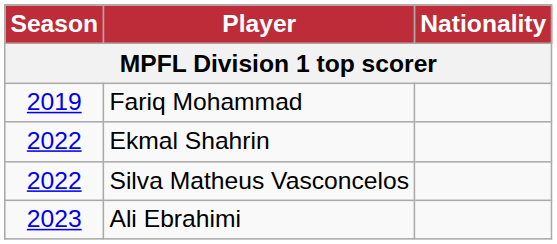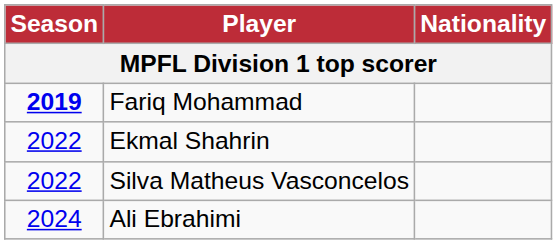 <table class="wikitable">
 <tr>
 <th style="background:#bd2c38; color:white;">Season</th>
 <th style="background:#bd2c38; color:white; ">Player</th>
 <th style="background:#bd2c38; color:white; ">Nationality</th>
 </tr>
 <tr>
 <th colspan="3">MPFL Division 1 top scorer</th>
 </tr>
 <tr>
-<td align="center"><a href='#'>2019</a></td>
+<td align="center"><strong><a href='#'>2019</a></strong></td>
 <td>Fariq Mohammad</td>
 <td></td>
 </tr>
 <tr>
 <td align="center"><a href='#'>2022</a></td>
 <td>Ekmal Shahrin</td>
 <td></td>
 </tr>
 <tr>
 <td align="center"><a href='#'>2022</a></td>
 <td>Silva Matheus Vasconcelos</td>
 <td></td>
 </tr>
 <tr>
-<td align="center"><a href='#'>2023</a></td>
+<td align="center"><a href='#'>2024</a></td>
 <td>Ali Ebrahimi</td>
 <td></td>
 </tr>
 </table>
